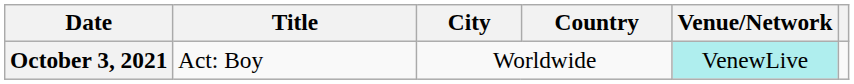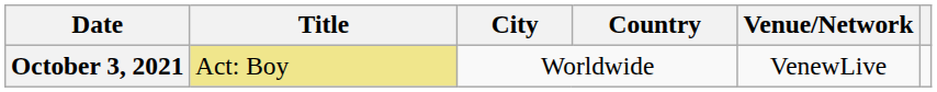 <table class="wikitable sortable plainrowheaders">
 <tr>
 <th>Date</th>
 <th style="width:10em;">Title</th>
 <th style="width:4em;">City</th>
 <th style="width:6em;">Country</th>
 <th style="width:6em;">Venue/Network</th>
 <th scope="col" class="unsortable"></th>
 </tr>
 <tr>
 <th scope="row">October 3, 2021</th>
-<td>Act: Boy</td>
+<td style="background: khaki;">Act: Boy</td>
 <td style="text-align:center" colspan="2">Worldwide</td>
-<td style="background: paleturquoise; text-align:center">VenewLive</td>
+<td style="text-align:center">VenewLive</td>
 <td style="text-align:center"></td>
 </tr>
 </table>
